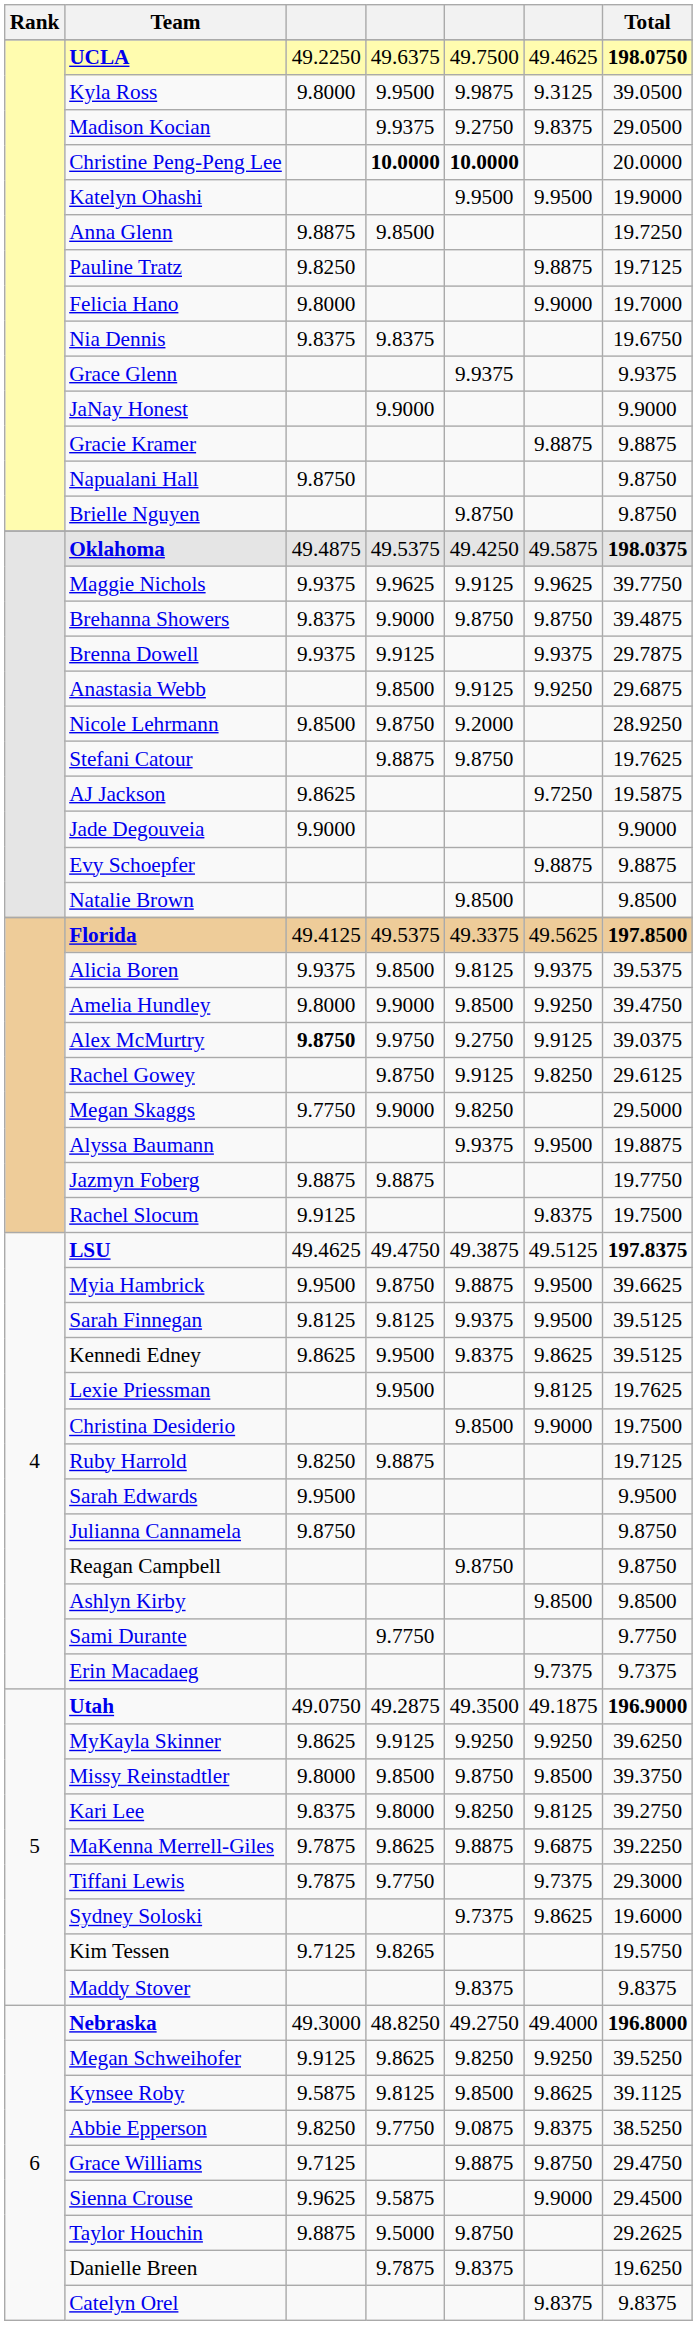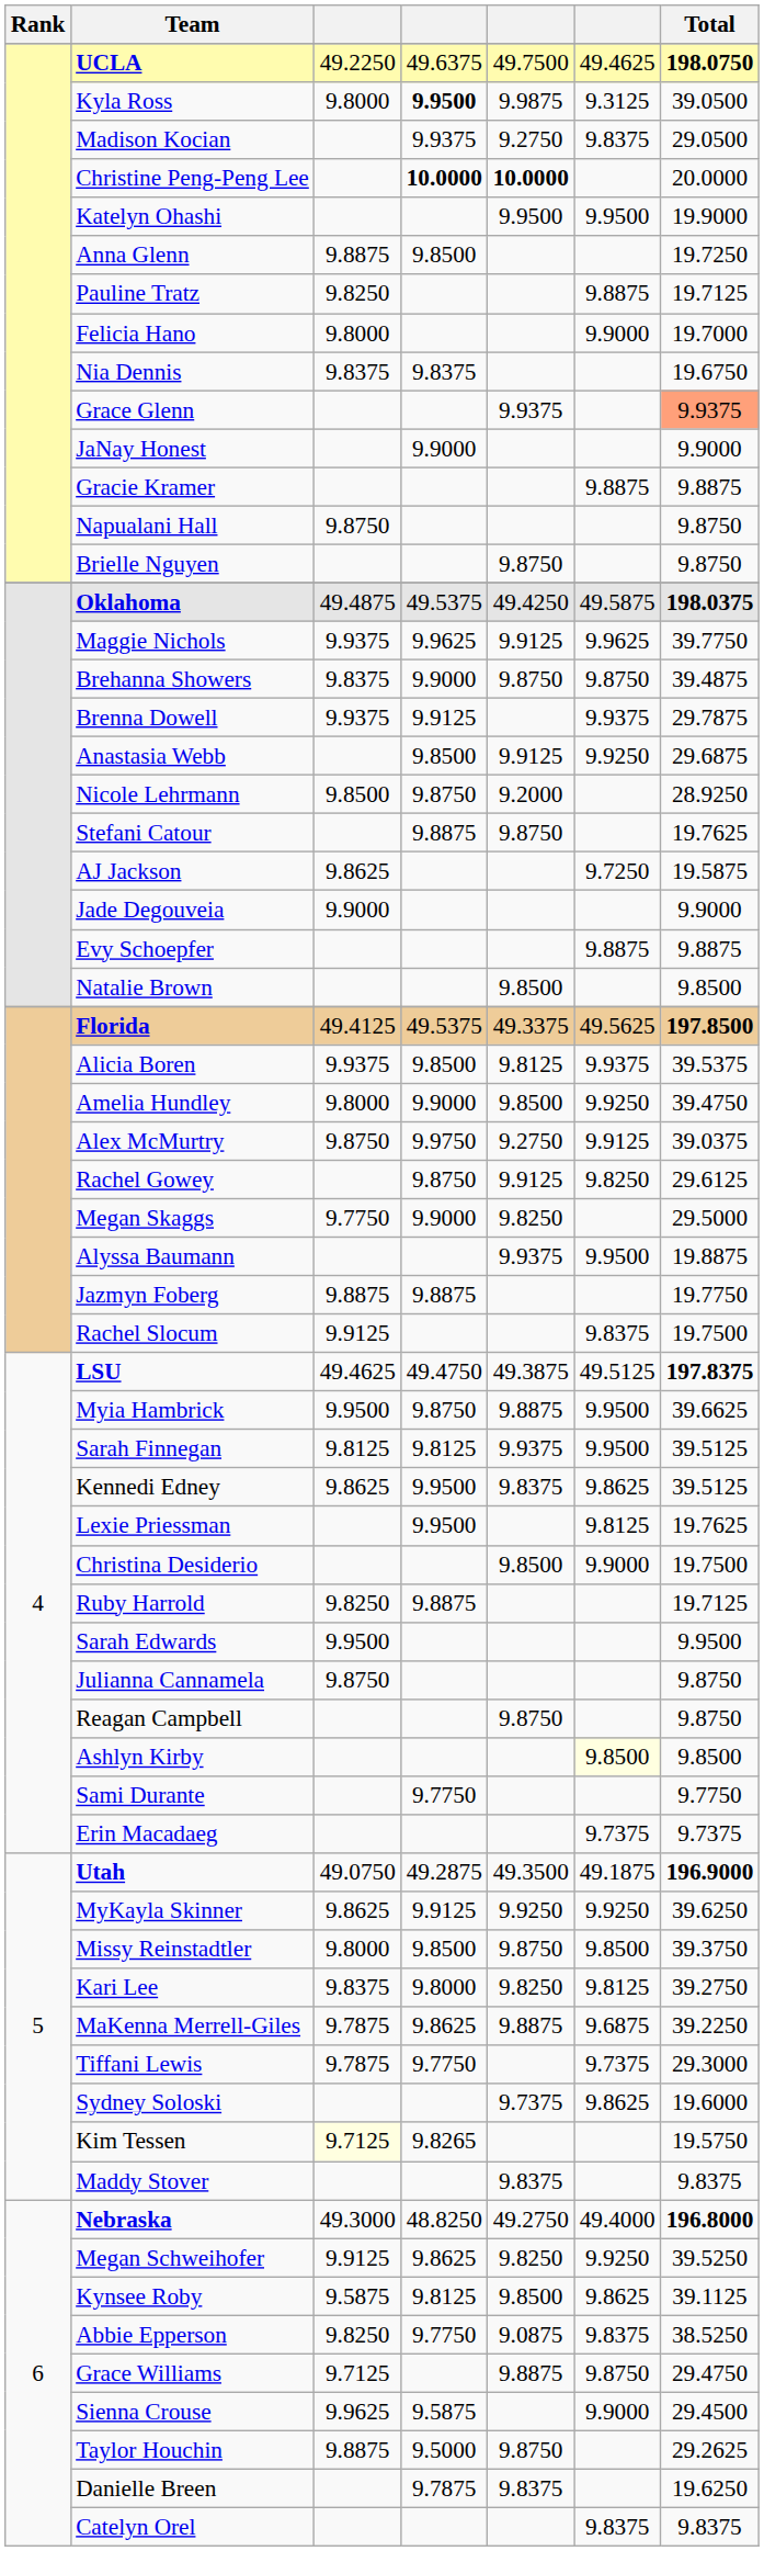 <table class="wikitable" style="text-align:center; font-size:95%">
 <tr>
 <th rowspan=1>Rank</th>
 <th rowspan=1>Team</th>
 <th colspan=1></th>
 <th colspan=1></th>
 <th colspan=1></th>
 <th colspan=1></th>
 <th rowspan=1>Total</th>
 </tr>
 <tr>
 </tr>
 <tr style="background:#fffcaf;">
 <td rowspan=14></td>
 <td style="text-align:left;"><strong><a href='#'>UCLA</a></strong></td>
 <td>49.2250</td>
 <td>49.6375</td>
 <td>49.7500</td>
 <td>49.4625</td>
 <td><strong>198.0750</strong></td>
 </tr>
 <tr>
 <td style="text-align:left;"><a href='#'>Kyla Ross</a></td>
 <td>9.8000</td>
-<td>9.9500</td>
+<td><strong>9.9500</strong></td>
 <td>9.9875</td>
 <td>9.3125</td>
 <td>39.0500</td>
 </tr>
 <tr>
 <td style="text-align:left;"><a href='#'>Madison Kocian</a></td>
 <td></td>
 <td>9.9375</td>
 <td>9.2750</td>
 <td>9.8375</td>
 <td>29.0500</td>
 </tr>
 <tr>
 <td style="text-align:left;"><a href='#'>Christine Peng-Peng Lee</a></td>
 <td></td>
 <td><strong>10.0000</strong></td>
 <td><strong>10.0000</strong></td>
 <td></td>
 <td>20.0000</td>
 </tr>
 <tr>
 <td style="text-align:left;"><a href='#'>Katelyn Ohashi</a></td>
 <td></td>
 <td></td>
 <td>9.9500</td>
 <td>9.9500</td>
 <td>19.9000</td>
 </tr>
 <tr>
 <td style="text-align:left;"><a href='#'>Anna Glenn</a></td>
 <td>9.8875</td>
 <td>9.8500</td>
 <td></td>
 <td></td>
 <td>19.7250</td>
 </tr>
 <tr>
 <td style="text-align:left;"><a href='#'>Pauline Tratz</a></td>
 <td>9.8250</td>
 <td></td>
 <td></td>
 <td>9.8875</td>
 <td>19.7125</td>
 </tr>
 <tr>
 <td style="text-align:left;"><a href='#'>Felicia Hano</a></td>
 <td>9.8000</td>
 <td></td>
 <td></td>
 <td>9.9000</td>
 <td>19.7000</td>
 </tr>
 <tr>
 <td style="text-align:left;"><a href='#'>Nia Dennis</a></td>
 <td>9.8375</td>
 <td>9.8375</td>
 <td></td>
 <td></td>
 <td>19.6750</td>
 </tr>
 <tr>
 <td style="text-align:left;"><a href='#'>Grace Glenn</a></td>
 <td></td>
 <td></td>
 <td>9.9375</td>
 <td></td>
-<td>9.9375</td>
+<td style="background: lightsalmon;">9.9375</td>
 </tr>
 <tr>
 <td style="text-align:left;"><a href='#'>JaNay Honest</a></td>
 <td></td>
 <td>9.9000</td>
 <td></td>
 <td></td>
 <td>9.9000</td>
 </tr>
 <tr>
 <td style="text-align:left;"><a href='#'>Gracie Kramer</a></td>
 <td></td>
 <td></td>
 <td></td>
 <td>9.8875</td>
 <td>9.8875</td>
 </tr>
 <tr>
 <td style="text-align:left;"><a href='#'>Napualani Hall</a></td>
 <td>9.8750</td>
 <td></td>
 <td></td>
 <td></td>
 <td>9.8750</td>
 </tr>
 <tr>
 <td style="text-align:left;"><a href='#'>Brielle Nguyen</a></td>
 <td></td>
 <td></td>
 <td>9.8750</td>
 <td></td>
 <td>9.8750</td>
 </tr>
 <tr>
 </tr>
 <tr style="background:#e5e5e5;">
 <td rowspan=11></td>
 <td style="text-align:left;"><strong><a href='#'>Oklahoma</a></strong></td>
 <td>49.4875</td>
 <td>49.5375</td>
 <td>49.4250</td>
 <td>49.5875</td>
 <td><strong>198.0375</strong></td>
 </tr>
 <tr>
 <td style="text-align:left;"><a href='#'>Maggie Nichols</a></td>
 <td>9.9375</td>
 <td>9.9625</td>
 <td>9.9125</td>
 <td>9.9625</td>
 <td>39.7750</td>
 </tr>
 <tr>
 <td style="text-align:left;"><a href='#'>Brehanna Showers</a></td>
 <td>9.8375</td>
 <td>9.9000</td>
 <td>9.8750</td>
 <td>9.8750</td>
 <td>39.4875</td>
 </tr>
 <tr>
 <td style="text-align:left;"><a href='#'>Brenna Dowell</a></td>
 <td>9.9375</td>
 <td>9.9125</td>
 <td></td>
 <td>9.9375</td>
 <td>29.7875</td>
 </tr>
 <tr>
 <td style="text-align:left;"><a href='#'>Anastasia Webb</a></td>
 <td></td>
 <td>9.8500</td>
 <td>9.9125</td>
 <td>9.9250</td>
 <td>29.6875</td>
 </tr>
 <tr>
 <td style="text-align:left;"><a href='#'>Nicole Lehrmann</a></td>
 <td>9.8500</td>
 <td>9.8750</td>
 <td>9.2000</td>
 <td></td>
 <td>28.9250</td>
 </tr>
 <tr>
 <td style="text-align:left;"><a href='#'>Stefani Catour</a></td>
 <td></td>
 <td>9.8875</td>
 <td>9.8750</td>
 <td></td>
 <td>19.7625</td>
 </tr>
 <tr>
 <td style="text-align:left;"><a href='#'>AJ Jackson</a></td>
 <td>9.8625</td>
 <td></td>
 <td></td>
 <td>9.7250</td>
 <td>19.5875</td>
 </tr>
 <tr>
 <td style="text-align:left;"><a href='#'>Jade Degouveia</a></td>
 <td>9.9000</td>
 <td></td>
 <td></td>
 <td></td>
 <td>9.9000</td>
 </tr>
 <tr>
 <td style="text-align:left;"><a href='#'>Evy Schoepfer</a></td>
 <td></td>
 <td></td>
 <td></td>
 <td>9.8875</td>
 <td>9.8875</td>
 </tr>
 <tr>
 <td style="text-align:left;"><a href='#'>Natalie Brown</a></td>
 <td></td>
 <td></td>
 <td>9.8500</td>
 <td></td>
 <td>9.8500</td>
 </tr>
 <tr>
 </tr>
 <tr style="background:#ec9;">
 <td rowspan=9></td>
 <td style="text-align:left;"><strong><a href='#'>Florida</a></strong></td>
 <td>49.4125</td>
 <td>49.5375</td>
 <td>49.3375</td>
 <td>49.5625</td>
 <td><strong>197.8500</strong></td>
 </tr>
 <tr>
 <td style="text-align:left;"><a href='#'>Alicia Boren</a></td>
 <td>9.9375</td>
 <td>9.8500</td>
 <td>9.8125</td>
 <td>9.9375</td>
 <td>39.5375</td>
 </tr>
 <tr>
 <td style="text-align:left;"><a href='#'>Amelia Hundley</a></td>
 <td>9.8000</td>
 <td>9.9000</td>
 <td>9.8500</td>
 <td>9.9250</td>
 <td>39.4750</td>
 </tr>
 <tr>
 <td style="text-align:left;"><a href='#'>Alex McMurtry</a></td>
-<td><strong>9.8750</strong></td>
+<td>9.8750</td>
 <td>9.9750</td>
 <td>9.2750</td>
 <td>9.9125</td>
 <td>39.0375</td>
 </tr>
 <tr>
 <td style="text-align:left;"><a href='#'>Rachel Gowey</a></td>
 <td></td>
 <td>9.8750</td>
 <td>9.9125</td>
 <td>9.8250</td>
 <td>29.6125</td>
 </tr>
 <tr>
 <td style="text-align:left;"><a href='#'>Megan Skaggs</a></td>
 <td>9.7750</td>
 <td>9.9000</td>
 <td>9.8250</td>
 <td></td>
 <td>29.5000</td>
 </tr>
 <tr>
 <td style="text-align:left;"><a href='#'>Alyssa Baumann</a></td>
 <td></td>
 <td></td>
 <td>9.9375</td>
 <td>9.9500</td>
 <td>19.8875</td>
 </tr>
 <tr>
 <td style="text-align:left;"><a href='#'>Jazmyn Foberg</a></td>
 <td>9.8875</td>
 <td>9.8875</td>
 <td></td>
 <td></td>
 <td>19.7750</td>
 </tr>
 <tr>
 <td style="text-align:left;"><a href='#'>Rachel Slocum</a></td>
 <td>9.9125</td>
 <td></td>
 <td></td>
 <td>9.8375</td>
 <td>19.7500</td>
 </tr>
 <tr>
 <td rowspan="13">4</td>
 <td style="text-align:left;"><strong><a href='#'>LSU</a></strong></td>
 <td>49.4625</td>
 <td>49.4750</td>
 <td>49.3875</td>
 <td>49.5125</td>
 <td><strong>197.8375</strong></td>
 </tr>
 <tr>
 <td style="text-align:left;"><a href='#'>Myia Hambrick</a></td>
 <td>9.9500</td>
 <td>9.8750</td>
 <td>9.8875</td>
 <td>9.9500</td>
 <td>39.6625</td>
 </tr>
 <tr>
 <td style="text-align:left;"><a href='#'>Sarah Finnegan</a></td>
 <td>9.8125</td>
 <td>9.8125</td>
 <td>9.9375</td>
 <td>9.9500</td>
 <td>39.5125</td>
 </tr>
 <tr>
 <td style="text-align:left;">Kennedi Edney</td>
 <td>9.8625</td>
 <td>9.9500</td>
 <td>9.8375</td>
 <td>9.8625</td>
 <td>39.5125</td>
 </tr>
 <tr>
 <td style="text-align:left;"><a href='#'>Lexie Priessman</a></td>
 <td></td>
 <td>9.9500</td>
 <td></td>
 <td>9.8125</td>
 <td>19.7625</td>
 </tr>
 <tr>
 <td style="text-align:left;"><a href='#'>Christina Desiderio</a></td>
 <td></td>
 <td></td>
 <td>9.8500</td>
 <td>9.9000</td>
 <td>19.7500</td>
 </tr>
 <tr>
 <td style="text-align:left;"><a href='#'>Ruby Harrold</a></td>
 <td>9.8250</td>
 <td>9.8875</td>
 <td></td>
 <td></td>
 <td>19.7125</td>
 </tr>
 <tr>
 <td style="text-align:left;"><a href='#'>Sarah Edwards</a></td>
 <td>9.9500</td>
 <td></td>
 <td></td>
 <td></td>
 <td>9.9500</td>
 </tr>
 <tr>
 <td style="text-align:left;"><a href='#'>Julianna Cannamela</a></td>
 <td>9.8750</td>
 <td></td>
 <td></td>
 <td></td>
 <td>9.8750</td>
 </tr>
 <tr>
 <td style="text-align:left;">Reagan Campbell</td>
 <td></td>
 <td></td>
 <td>9.8750</td>
 <td></td>
 <td>9.8750</td>
 </tr>
 <tr>
 <td style="text-align:left;"><a href='#'>Ashlyn Kirby</a></td>
 <td></td>
 <td></td>
 <td></td>
-<td>9.8500</td>
+<td style="background: lightyellow;">9.8500</td>
 <td>9.8500</td>
 </tr>
 <tr>
 <td style="text-align:left;"><a href='#'>Sami Durante</a></td>
 <td></td>
 <td>9.7750</td>
 <td></td>
 <td></td>
 <td>9.7750</td>
 </tr>
 <tr>
 <td style="text-align:left;"><a href='#'>Erin Macadaeg</a></td>
 <td></td>
 <td></td>
 <td></td>
 <td>9.7375</td>
 <td>9.7375</td>
 </tr>
 <tr>
 <td rowspan="9">5</td>
 <td style="text-align:left;"><strong><a href='#'>Utah</a></strong></td>
 <td>49.0750</td>
 <td>49.2875</td>
 <td>49.3500</td>
 <td>49.1875</td>
 <td><strong>196.9000</strong></td>
 </tr>
 <tr>
 <td style="text-align:left;"><a href='#'>MyKayla Skinner</a></td>
 <td>9.8625</td>
 <td>9.9125</td>
 <td>9.9250</td>
 <td>9.9250</td>
 <td>39.6250</td>
 </tr>
 <tr>
 <td style="text-align:left;"><a href='#'>Missy Reinstadtler</a></td>
 <td>9.8000</td>
 <td>9.8500</td>
 <td>9.8750</td>
 <td>9.8500</td>
 <td>39.3750</td>
 </tr>
 <tr>
 <td style="text-align:left;"><a href='#'>Kari Lee</a></td>
 <td>9.8375</td>
 <td>9.8000</td>
 <td>9.8250</td>
 <td>9.8125</td>
 <td>39.2750</td>
 </tr>
 <tr>
 <td style="text-align:left;"><a href='#'>MaKenna Merrell-Giles</a></td>
 <td>9.7875</td>
 <td>9.8625</td>
 <td>9.8875</td>
 <td>9.6875</td>
 <td>39.2250</td>
 </tr>
 <tr>
 <td style="text-align:left;"><a href='#'>Tiffani Lewis</a></td>
 <td>9.7875</td>
 <td>9.7750</td>
 <td></td>
 <td>9.7375</td>
 <td>29.3000</td>
 </tr>
 <tr>
 <td style="text-align:left;"><a href='#'>Sydney Soloski</a></td>
 <td></td>
 <td></td>
 <td>9.7375</td>
 <td>9.8625</td>
 <td>19.6000</td>
 </tr>
 <tr>
 <td style="text-align:left;">Kim Tessen</td>
-<td>9.7125</td>
+<td style="background: lightyellow;">9.7125</td>
 <td>9.8265</td>
 <td></td>
 <td></td>
 <td>19.5750</td>
 </tr>
 <tr>
 <td style="text-align:left;"><a href='#'>Maddy Stover</a></td>
 <td></td>
 <td></td>
 <td>9.8375</td>
 <td></td>
 <td>9.8375</td>
 </tr>
 <tr>
 <td rowspan="9">6</td>
 <td style="text-align:left;"><strong><a href='#'>Nebraska</a></strong></td>
 <td>49.3000</td>
 <td>48.8250</td>
 <td>49.2750</td>
 <td>49.4000</td>
 <td><strong>196.8000</strong></td>
 </tr>
 <tr>
 <td style="text-align:left;"><a href='#'>Megan Schweihofer</a></td>
 <td>9.9125</td>
 <td>9.8625</td>
 <td>9.8250</td>
 <td>9.9250</td>
 <td>39.5250</td>
 </tr>
 <tr>
 <td style="text-align:left;"><a href='#'>Kynsee Roby</a></td>
 <td>9.5875</td>
 <td>9.8125</td>
 <td>9.8500</td>
 <td>9.8625</td>
 <td>39.1125</td>
 </tr>
 <tr>
 <td style="text-align:left;"><a href='#'>Abbie Epperson</a></td>
 <td>9.8250</td>
 <td>9.7750</td>
 <td>9.0875</td>
 <td>9.8375</td>
 <td>38.5250</td>
 </tr>
 <tr>
 <td style="text-align:left;"><a href='#'>Grace Williams</a></td>
 <td>9.7125</td>
 <td></td>
 <td>9.8875</td>
 <td>9.8750</td>
 <td>29.4750</td>
 </tr>
 <tr>
 <td style="text-align:left;"><a href='#'>Sienna Crouse</a></td>
 <td>9.9625</td>
 <td>9.5875</td>
 <td></td>
 <td>9.9000</td>
 <td>29.4500</td>
 </tr>
 <tr>
 <td style="text-align:left;"><a href='#'>Taylor Houchin</a></td>
 <td>9.8875</td>
 <td>9.5000</td>
 <td>9.8750</td>
 <td></td>
 <td>29.2625</td>
 </tr>
 <tr>
 <td style="text-align:left;">Danielle Breen</td>
 <td></td>
 <td>9.7875</td>
 <td>9.8375</td>
 <td></td>
 <td>19.6250</td>
 </tr>
 <tr>
 <td style="text-align:left;"><a href='#'>Catelyn Orel</a></td>
 <td></td>
 <td></td>
 <td></td>
 <td>9.8375</td>
 <td>9.8375</td>
 </tr>
 </table>
